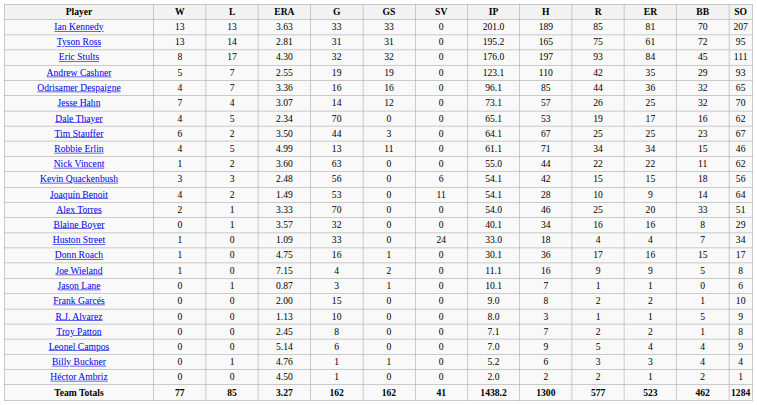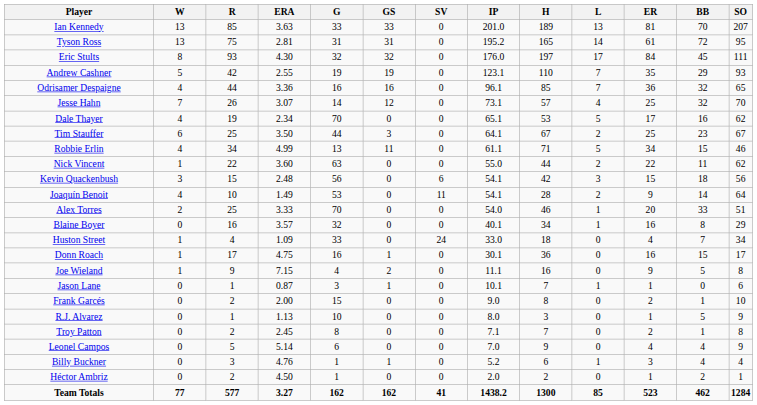 <table class=wikitable style="text-align:center">
 <tr>
 <th bgcolor=#DDDDFF; width="20%">Player</th>
 <th bgcolor=#DDDDFF; width="7%">W</th>
-<th bgcolor=#DDDDFF; width="7%">L</th>
+<th bgcolor=#DDDDFF; width="7%">R</th>
 <th bgcolor=#DDDDFF; width="7%">ERA</th>
 <th bgcolor=#DDDDFF; width="7%">G</th>
 <th bgcolor=#DDDDFF; width="7%">GS</th>
 <th bgcolor=#DDDDFF; width="7%">SV</th>
 <th bgcolor=#DDDDFF; width="7%">IP</th>
 <th bgcolor=#DDDDFF; width="7%">H</th>
-<th bgcolor=#DDDDFF; width="7%">R</th>
+<th bgcolor=#DDDDFF; width="7%">L</th>
 <th bgcolor=#DDDDFF; width="7%">ER</th>
 <th bgcolor=#DDDDFF; width="7%'">BB</th>
 <th bgcolor=#DDDDFF; width="7%">SO</th>
 </tr>
 <tr>
 <td><a href='#'>Ian Kennedy</a></td>
 <td>13</td>
-<td>13</td>
+<td>85</td>
 <td>3.63</td>
 <td>33</td>
 <td>33</td>
 <td>0</td>
 <td>201.0</td>
 <td>189</td>
-<td>85</td>
+<td>13</td>
 <td>81</td>
 <td>70</td>
 <td>207</td>
 </tr>
 <tr>
 <td><a href='#'>Tyson Ross</a></td>
 <td>13</td>
-<td>14</td>
+<td>75</td>
 <td>2.81</td>
 <td>31</td>
 <td>31</td>
 <td>0</td>
 <td>195.2</td>
 <td>165</td>
-<td>75</td>
+<td>14</td>
 <td>61</td>
 <td>72</td>
 <td>95</td>
 </tr>
 <tr>
 <td><a href='#'>Eric Stults</a></td>
 <td>8</td>
-<td>17</td>
+<td>93</td>
 <td>4.30</td>
 <td>32</td>
 <td>32</td>
 <td>0</td>
 <td>176.0</td>
 <td>197</td>
-<td>93</td>
+<td>17</td>
 <td>84</td>
 <td>45</td>
 <td>111</td>
 </tr>
 <tr>
 <td><a href='#'>Andrew Cashner</a></td>
 <td>5</td>
-<td>7</td>
+<td>42</td>
 <td>2.55</td>
 <td>19</td>
 <td>19</td>
 <td>0</td>
 <td>123.1</td>
 <td>110</td>
-<td>42</td>
+<td>7</td>
 <td>35</td>
 <td>29</td>
 <td>93</td>
 </tr>
 <tr>
 <td><a href='#'>Odrisamer Despaigne</a></td>
 <td>4</td>
-<td>7</td>
+<td>44</td>
 <td>3.36</td>
 <td>16</td>
 <td>16</td>
 <td>0</td>
 <td>96.1</td>
 <td>85</td>
-<td>44</td>
+<td>7</td>
 <td>36</td>
 <td>32</td>
 <td>65</td>
 </tr>
 <tr>
 <td><a href='#'>Jesse Hahn</a></td>
 <td>7</td>
-<td>4</td>
+<td>26</td>
 <td>3.07</td>
 <td>14</td>
 <td>12</td>
 <td>0</td>
 <td>73.1</td>
 <td>57</td>
-<td>26</td>
+<td>4</td>
 <td>25</td>
 <td>32</td>
 <td>70</td>
 </tr>
 <tr>
 <td><a href='#'>Dale Thayer</a></td>
 <td>4</td>
-<td>5</td>
+<td>19</td>
 <td>2.34</td>
 <td>70</td>
 <td>0</td>
 <td>0</td>
 <td>65.1</td>
 <td>53</td>
-<td>19</td>
+<td>5</td>
 <td>17</td>
 <td>16</td>
 <td>62</td>
 </tr>
 <tr>
 <td><a href='#'>Tim Stauffer</a></td>
 <td>6</td>
-<td>2</td>
+<td>25</td>
 <td>3.50</td>
 <td>44</td>
 <td>3</td>
 <td>0</td>
 <td>64.1</td>
 <td>67</td>
-<td>25</td>
+<td>2</td>
 <td>25</td>
 <td>23</td>
 <td>67</td>
 </tr>
 <tr>
 <td><a href='#'>Robbie Erlin</a></td>
 <td>4</td>
-<td>5</td>
+<td>34</td>
 <td>4.99</td>
 <td>13</td>
 <td>11</td>
 <td>0</td>
 <td>61.1</td>
 <td>71</td>
-<td>34</td>
+<td>5</td>
 <td>34</td>
 <td>15</td>
 <td>46</td>
 </tr>
 <tr>
 <td><a href='#'>Nick Vincent</a></td>
 <td>1</td>
-<td>2</td>
+<td>22</td>
 <td>3.60</td>
 <td>63</td>
 <td>0</td>
 <td>0</td>
 <td>55.0</td>
 <td>44</td>
-<td>22</td>
+<td>2</td>
 <td>22</td>
 <td>11</td>
 <td>62</td>
 </tr>
 <tr>
 <td><a href='#'>Kevin Quackenbush</a></td>
 <td>3</td>
-<td>3</td>
+<td>15</td>
 <td>2.48</td>
 <td>56</td>
 <td>0</td>
 <td>6</td>
 <td>54.1</td>
 <td>42</td>
-<td>15</td>
+<td>3</td>
 <td>15</td>
 <td>18</td>
 <td>56</td>
 </tr>
 <tr>
 <td><a href='#'>Joaquín Benoit</a></td>
 <td>4</td>
-<td>2</td>
+<td>10</td>
 <td>1.49</td>
 <td>53</td>
 <td>0</td>
 <td>11</td>
 <td>54.1</td>
 <td>28</td>
-<td>10</td>
+<td>2</td>
 <td>9</td>
 <td>14</td>
 <td>64</td>
 </tr>
 <tr>
 <td><a href='#'>Alex Torres</a></td>
 <td>2</td>
-<td>1</td>
+<td>25</td>
 <td>3.33</td>
 <td>70</td>
 <td>0</td>
 <td>0</td>
 <td>54.0</td>
 <td>46</td>
-<td>25</td>
+<td>1</td>
 <td>20</td>
 <td>33</td>
 <td>51</td>
 </tr>
 <tr>
 <td><a href='#'>Blaine Boyer</a></td>
 <td>0</td>
-<td>1</td>
+<td>16</td>
 <td>3.57</td>
 <td>32</td>
 <td>0</td>
 <td>0</td>
 <td>40.1</td>
 <td>34</td>
-<td>16</td>
+<td>1</td>
 <td>16</td>
 <td>8</td>
 <td>29</td>
 </tr>
 <tr>
 <td><a href='#'>Huston Street</a></td>
 <td>1</td>
-<td>0</td>
+<td>4</td>
 <td>1.09</td>
 <td>33</td>
 <td>0</td>
 <td>24</td>
 <td>33.0</td>
 <td>18</td>
-<td>4</td>
+<td>0</td>
 <td>4</td>
 <td>7</td>
 <td>34</td>
 </tr>
 <tr>
 <td><a href='#'>Donn Roach</a></td>
 <td>1</td>
-<td>0</td>
+<td>17</td>
 <td>4.75</td>
 <td>16</td>
 <td>1</td>
 <td>0</td>
 <td>30.1</td>
 <td>36</td>
-<td>17</td>
+<td>0</td>
 <td>16</td>
 <td>15</td>
 <td>17</td>
 </tr>
 <tr>
 <td><a href='#'>Joe Wieland</a></td>
 <td>1</td>
-<td>0</td>
+<td>9</td>
 <td>7.15</td>
 <td>4</td>
 <td>2</td>
 <td>0</td>
 <td>11.1</td>
 <td>16</td>
-<td>9</td>
+<td>0</td>
 <td>9</td>
 <td>5</td>
 <td>8</td>
 </tr>
 <tr>
 <td><a href='#'>Jason Lane</a></td>
 <td>0</td>
 <td>1</td>
 <td>0.87</td>
 <td>3</td>
 <td>1</td>
 <td>0</td>
 <td>10.1</td>
 <td>7</td>
 <td>1</td>
 <td>1</td>
 <td>0</td>
 <td>6</td>
 </tr>
 <tr>
 <td><a href='#'>Frank Garcés</a></td>
 <td>0</td>
-<td>0</td>
+<td>2</td>
 <td>2.00</td>
 <td>15</td>
 <td>0</td>
 <td>0</td>
 <td>9.0</td>
 <td>8</td>
-<td>2</td>
+<td>0</td>
 <td>2</td>
 <td>1</td>
 <td>10</td>
 </tr>
 <tr>
 <td><a href='#'>R.J. Alvarez</a></td>
 <td>0</td>
-<td>0</td>
+<td>1</td>
 <td>1.13</td>
 <td>10</td>
 <td>0</td>
 <td>0</td>
 <td>8.0</td>
 <td>3</td>
-<td>1</td>
+<td>0</td>
 <td>1</td>
 <td>5</td>
 <td>9</td>
 </tr>
 <tr>
 <td><a href='#'>Troy Patton</a></td>
 <td>0</td>
-<td>0</td>
+<td>2</td>
 <td>2.45</td>
 <td>8</td>
 <td>0</td>
 <td>0</td>
 <td>7.1</td>
 <td>7</td>
-<td>2</td>
+<td>0</td>
 <td>2</td>
 <td>1</td>
 <td>8</td>
 </tr>
 <tr>
 <td><a href='#'>Leonel Campos</a></td>
 <td>0</td>
-<td>0</td>
+<td>5</td>
 <td>5.14</td>
 <td>6</td>
 <td>0</td>
 <td>0</td>
 <td>7.0</td>
 <td>9</td>
-<td>5</td>
+<td>0</td>
 <td>4</td>
 <td>4</td>
 <td>9</td>
 </tr>
 <tr>
 <td><a href='#'>Billy Buckner</a></td>
 <td>0</td>
-<td>1</td>
+<td>3</td>
 <td>4.76</td>
 <td>1</td>
 <td>1</td>
 <td>0</td>
 <td>5.2</td>
 <td>6</td>
-<td>3</td>
+<td>1</td>
 <td>3</td>
 <td>4</td>
 <td>4</td>
 </tr>
 <tr>
 <td><a href='#'>Héctor Ambriz</a></td>
 <td>0</td>
-<td>0</td>
+<td>2</td>
 <td>4.50</td>
 <td>1</td>
 <td>0</td>
 <td>0</td>
 <td>2.0</td>
 <td>2</td>
-<td>2</td>
+<td>0</td>
 <td>1</td>
 <td>2</td>
 <td>1</td>
 </tr>
 <tr>
 <td><strong>Team Totals</strong></td>
 <td><strong>77</strong></td>
-<td><strong>85</strong></td>
+<td><strong>577</strong></td>
 <td><strong>3.27</strong></td>
 <td><strong>162</strong></td>
 <td><strong>162</strong></td>
 <td><strong>41</strong></td>
 <td><strong>1438.2</strong></td>
 <td><strong>1300</strong></td>
-<td><strong>577</strong></td>
+<td><strong>85</strong></td>
 <td><strong>523</strong></td>
 <td><strong>462</strong></td>
 <td><strong>1284</strong></td>
 </tr>
 </table>
